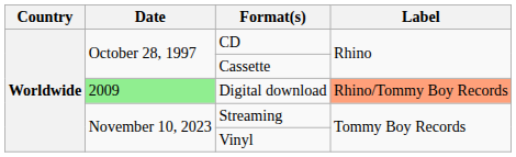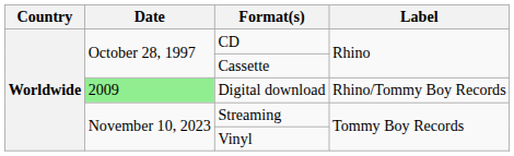 <table class="wikitable plainrowheaders unsortable">
 <tr>
 <th scope="col">Country</th>
 <th scope="col">Date</th>
 <th scope="col">Format(s)</th>
 <th scope="col">Label</th>
 </tr>
 <tr>
 <th scope="row" rowspan="5">Worldwide</th>
 <td rowspan="2">October 28, 1997</td>
 <td rowspan="1">CD</td>
 <td rowspan="2">Rhino</td>
 </tr>
 <tr>
 <td rowspan="1">Cassette</td>
 </tr>
 <tr>
 <td rowspan="1" style="background: lightgreen;">2009</td>
 <td rowspan="1">Digital download</td>
-<td rowspan="1" style="background: lightsalmon;">Rhino/Tommy Boy Records</td>
+<td rowspan="1">Rhino/Tommy Boy Records</td>
 </tr>
 <tr>
 <td rowspan="2">November 10, 2023</td>
 <td rowspan="1">Streaming</td>
 <td rowspan="2">Tommy Boy Records</td>
 </tr>
 <tr>
 <td rowspan="1">Vinyl</td>
 </tr>
 </table>
